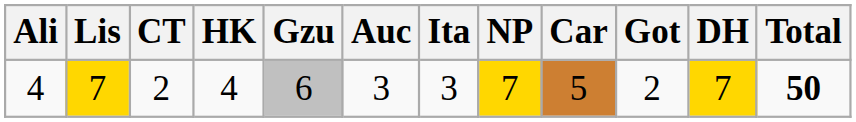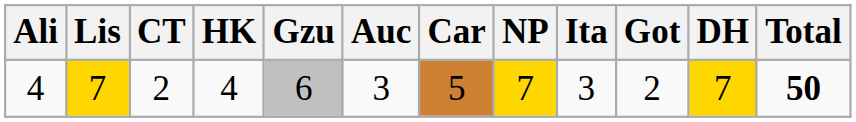 <table class="wikitable" style="text-align: center;">
 <tr>
 <th>Ali<br></th>
 <th>Lis<br></th>
 <th>CT<br></th>
 <th>HK<br></th>
 <th>Gzu<br></th>
 <th>Auc<br></th>
+<th>Car<br></th>
+<th>NP<br></th>
 <th>Ita<br></th>
-<th>NP<br></th>
-<th>Car<br></th>
 <th>Got<br></th>
 <th>DH<br></th>
 <th>Total</th>
 </tr>
 <tr>
 <td>4</td>
 <td style="background-color: gold;">7</td>
 <td>2</td>
 <td>4</td>
 <td style="background-color: silver;">6</td>
 <td>3</td>
+<td style="background-color: #cd7f32;">5</td>
+<td style="background-color: gold;">7</td>
 <td>3</td>
-<td style="background-color: gold;">7</td>
-<td style="background-color: #cd7f32;">5</td>
 <td>2</td>
 <td style="background-color: gold;">7</td>
 <td><strong>50</strong></td>
 </tr>
 </table>
